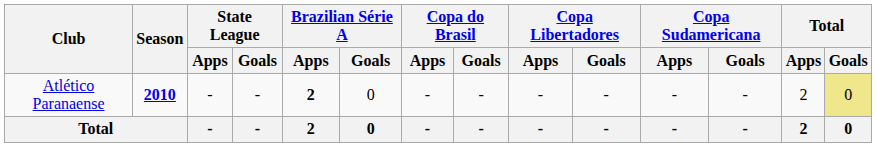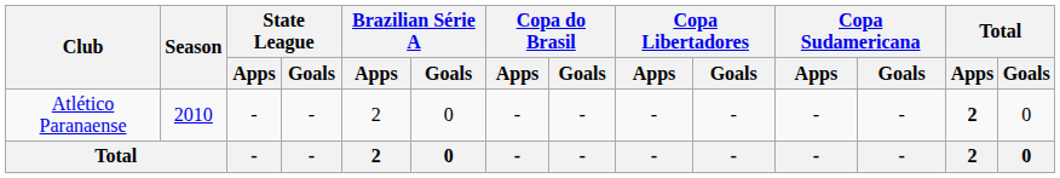 <table class="wikitable" style="text-align: center;">
 <tr>
 <th rowspan="2">Club</th>
 <th rowspan="2">Season</th>
 <th colspan="2">State League</th>
 <th colspan="2"><a href='#'>Brazilian Série A</a></th>
 <th colspan="2"><a href='#'>Copa do Brasil</a></th>
 <th colspan="2"><a href='#'>Copa Libertadores</a></th>
 <th colspan="2"><a href='#'>Copa Sudamericana</a></th>
 <th colspan="2">Total</th>
 </tr>
 <tr>
 <th>Apps</th>
 <th>Goals</th>
 <th>Apps</th>
 <th>Goals</th>
 <th>Apps</th>
 <th>Goals</th>
 <th>Apps</th>
 <th>Goals</th>
 <th>Apps</th>
 <th>Goals</th>
 <th>Apps</th>
 <th>Goals</th>
 </tr>
 <tr>
 <td rowspan="1" valign="center"><a href='#'>Atlético Paranaense</a></td>
-<td><strong><a href='#'>2010</a></strong></td>
+<td><a href='#'>2010</a></td>
 <td>-</td>
 <td>-</td>
-<td><strong>2</strong></td>
+<td>2</td>
 <td>0</td>
 <td>-</td>
 <td>-</td>
 <td>-</td>
 <td>-</td>
 <td>-</td>
 <td>-</td>
-<td>2</td>
-<td style="background: khaki;">0</td>
+<td><strong>2</strong></td>
+<td>0</td>
 </tr>
 <tr>
 <th colspan="2"><strong>Total</strong></th>
 <th>-</th>
 <th>-</th>
 <th>2</th>
 <th>0</th>
 <th>-</th>
 <th>-</th>
 <th>-</th>
 <th>-</th>
 <th>-</th>
 <th>-</th>
 <th>2</th>
 <th>0</th>
 </tr>
 </table>
